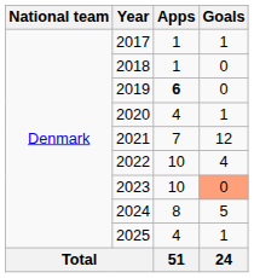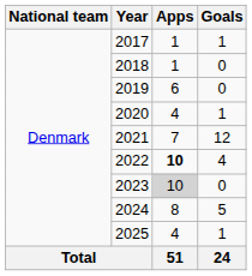 <table class="wikitable" style="text-align:center">
 <tr>
 <th>National team</th>
 <th>Year</th>
 <th>Apps</th>
 <th>Goals</th>
 </tr>
 <tr>
 <td rowspan=9><a href='#'>Denmark</a></td>
 <td>2017</td>
 <td>1</td>
 <td>1</td>
 </tr>
 <tr>
 <td>2018</td>
 <td>1</td>
 <td>0</td>
 </tr>
 <tr>
 <td>2019</td>
-<td><strong>6</strong></td>
+<td>6</td>
 <td>0</td>
 </tr>
 <tr>
 <td>2020</td>
 <td>4</td>
 <td>1</td>
 </tr>
 <tr>
 <td>2021</td>
 <td>7</td>
 <td>12</td>
 </tr>
 <tr>
 <td>2022</td>
-<td>10</td>
+<td><strong>10</strong></td>
 <td>4</td>
 </tr>
 <tr>
 <td>2023</td>
-<td>10</td>
-<td style="background: lightsalmon;">0</td>
+<td style="background: lightgrey;">10</td>
+<td>0</td>
 </tr>
 <tr>
 <td>2024</td>
 <td>8</td>
 <td>5</td>
 </tr>
 <tr>
 <td>2025</td>
 <td>4</td>
 <td>1</td>
 </tr>
 <tr>
 <th colspan=2>Total</th>
 <th>51</th>
 <th>24</th>
 </tr>
 </table>
